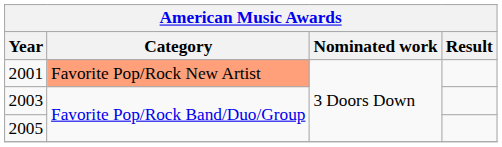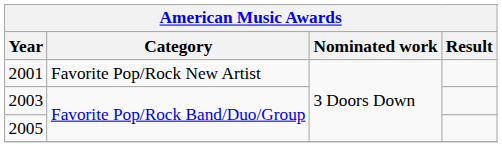 <table class="wikitable">
 <tr>
 <th colspan=4><a href='#'>American Music Awards</a></th>
 </tr>
 <tr>
 <th>Year</th>
 <th>Category</th>
 <th>Nominated work</th>
 <th>Result</th>
 </tr>
 <tr>
 <td>2001</td>
-<td style="background: lightsalmon;">Favorite Pop/Rock New Artist</td>
+<td>Favorite Pop/Rock New Artist</td>
 <td rowspan=3>3 Doors Down</td>
 <td></td>
 </tr>
 <tr>
 <td>2003</td>
 <td rowspan=2><a href='#'>Favorite Pop/Rock Band/Duo/Group</a></td>
 <td></td>
 </tr>
 <tr>
 <td>2005</td>
 <td></td>
 </tr>
 <tr>
 </tr>
 </table>
